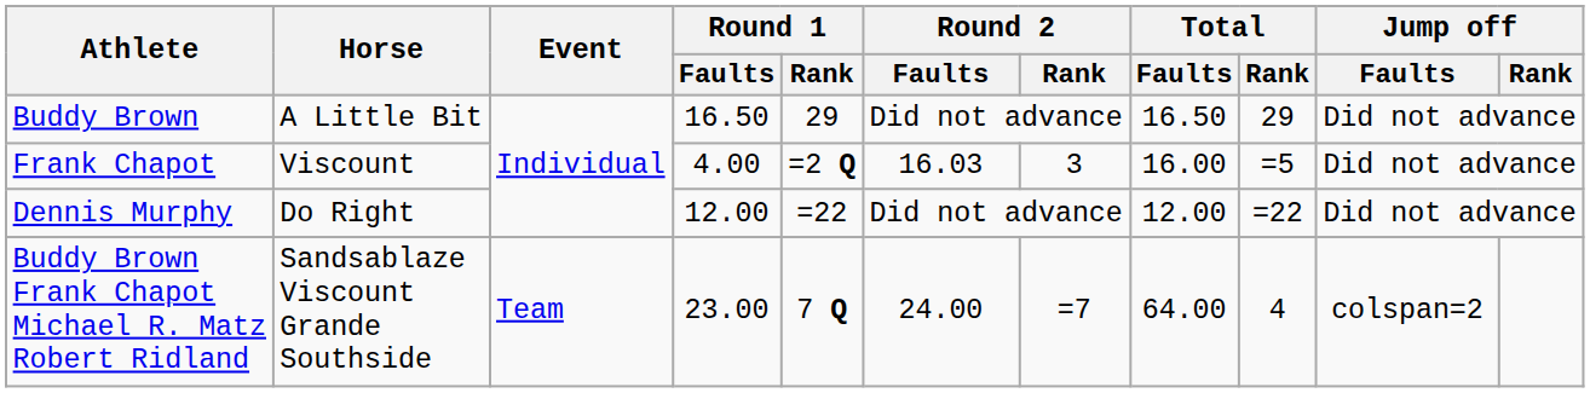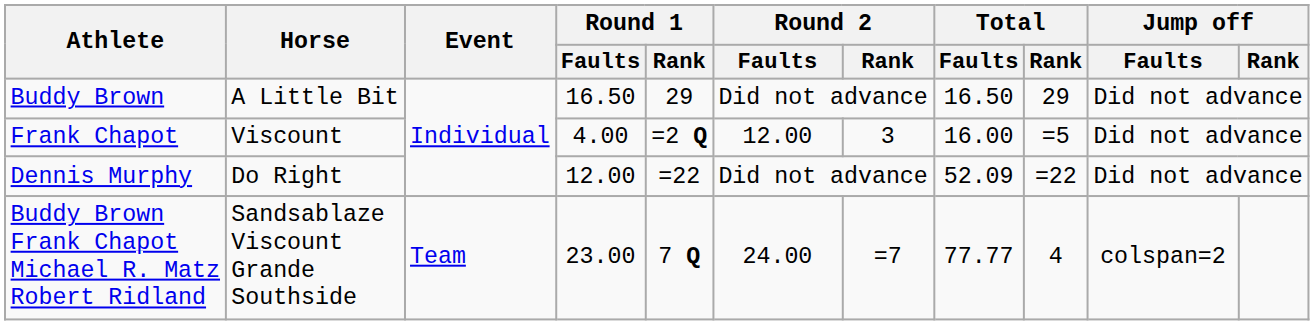 <table class=wikitable style=font-size:90%;text-align:center>
 <tr>
 <th rowspan=2>Athlete</th>
 <th rowspan=2>Horse</th>
 <th rowspan=2>Event</th>
 <th colspan=2>Round 1</th>
 <th colspan=2>Round 2</th>
 <th colspan=2>Total</th>
 <th colspan=2>Jump off</th>
 </tr>
 <tr style=font-size:95%>
 <th>Faults</th>
 <th>Rank</th>
 <th>Faults</th>
 <th>Rank</th>
 <th>Faults</th>
 <th>Rank</th>
 <th>Faults</th>
 <th>Rank</th>
 </tr>
 <tr>
 <td align=left><a href='#'>Buddy Brown</a></td>
 <td align=left>A Little Bit</td>
 <td align=left rowspan=3><a href='#'>Individual</a></td>
 <td>16.50</td>
 <td>29</td>
 <td colspan=2>Did not advance</td>
 <td>16.50</td>
 <td>29</td>
 <td colspan=2>Did not advance</td>
 </tr>
 <tr>
 <td align=left><a href='#'>Frank Chapot</a></td>
 <td align=left>Viscount</td>
 <td>4.00</td>
 <td>=2 <strong>Q</strong></td>
-<td>16.03</td>
+<td>12.00</td>
 <td>3</td>
 <td>16.00</td>
 <td>=5</td>
 <td colspan=2>Did not advance</td>
 </tr>
 <tr>
 <td align=left><a href='#'>Dennis Murphy</a></td>
 <td align=left>Do Right</td>
 <td>12.00</td>
 <td>=22</td>
 <td colspan=2>Did not advance</td>
-<td>12.00</td>
+<td>52.09</td>
 <td>=22</td>
 <td colspan=2>Did not advance</td>
 </tr>
 <tr>
 <td align=left><a href='#'>Buddy Brown</a><br><a href='#'>Frank Chapot</a><br><a href='#'>Michael R. Matz</a><br><a href='#'>Robert Ridland</a></td>
 <td align=left>Sandsablaze<br>Viscount<br>Grande<br>Southside</td>
 <td align=left><a href='#'>Team</a></td>
 <td>23.00</td>
 <td>7 <strong>Q</strong></td>
 <td>24.00</td>
 <td>=7</td>
-<td>64.00</td>
+<td>77.77</td>
 <td>4</td>
 <td>colspan=2 </td>
 </tr>
 </table>
